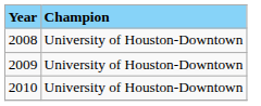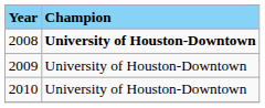 <table class="wikitable" style="font-size:85%;">
 <tr ! style="background-color: #87D3F8;">
 <td><strong>Year</strong></td>
 <td><strong>Champion</strong></td>
 </tr>
 <tr --->
 <td>2008</td>
-<td>University of Houston-Downtown</td>
+<td><strong>University of Houston-Downtown</strong></td>
 </tr>
 <tr --->
 <td>2009</td>
 <td>University of Houston-Downtown</td>
 </tr>
 <tr --->
 <td>2010</td>
 <td>University of Houston-Downtown</td>
 </tr>
 <tr --->
 </tr>
 </table>
